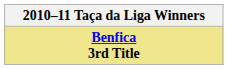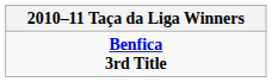 <table class="wikitable" style="text-align: center; margin: 0 auto; width: 20%">
 <tr>
 <th>2010–11 Taça da Liga Winners</th>
 </tr>
 <tr>
-<td style="background: khaki;"><strong><a href='#'>Benfica</a></strong><br><strong>3rd Title</strong></td>
+<td><strong><a href='#'>Benfica</a></strong><br><strong>3rd Title</strong></td>
 </tr>
 </table>
